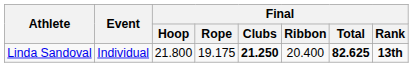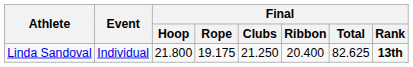 <table class="wikitable" style="font-size:90%">
 <tr>
 <th rowspan="2">Athlete</th>
 <th rowspan="2">Event</th>
 <th colspan="6">Final</th>
 </tr>
 <tr>
 <th>Hoop</th>
 <th>Rope</th>
 <th>Clubs</th>
 <th>Ribbon</th>
 <th>Total</th>
 <th>Rank</th>
 </tr>
 <tr>
 <td><a href='#'>Linda Sandoval</a></td>
 <td><a href='#'>Individual</a></td>
 <td align=center>21.800</td>
 <td align=center>19.175</td>
-<td align=center><strong>21.250</strong></td>
+<td align=center>21.250</td>
 <td align=center>20.400</td>
-<td align=center><strong>82.625</strong></td>
+<td align=center>82.625</td>
 <td align=center><strong>13th</strong></td>
 </tr>
 </table>
